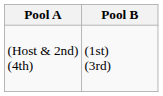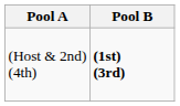 <table class="wikitable">
 <tr>
 <th width=50%>Pool A</th>
 <th width=50%>Pool B</th>
 </tr>
 <tr>
 <td><br> (Host & 2nd)<br>  (4th)<br> <br> </td>
-<td><br> (1st)<br>  (3rd)<br> <br> </td>
+<td><strong><br> (1st)<br>  (3rd)<br> <br> </strong></td>
 </tr>
 </table>
